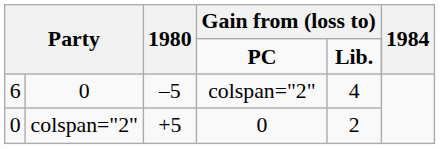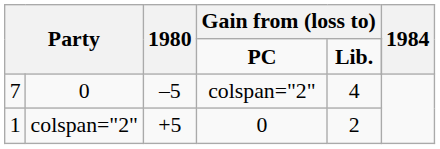 <table class="wikitable"  style="text-align:center;">
 <tr>
 <th rowspan="2" colspan="2">Party</th>
 <th rowspan="2">1980</th>
 <th colspan="4">Gain from (loss to)</th>
 <th rowspan="2">1984</th>
 </tr>
 <tr>
 <td><strong>PC</strong></td>
 <td><strong>Lib.</strong></td>
 </tr>
 <tr>
-<td>6</td>
+<td>7</td>
 <td>0</td>
 <td>–5</td>
 <td>colspan="2" </td>
 <td>4</td>
 </tr>
 <tr>
-<td>0</td>
+<td>1</td>
 <td>colspan="2" </td>
 <td>+5</td>
 <td>0</td>
 <td>2</td>
 </tr>
 </table>
